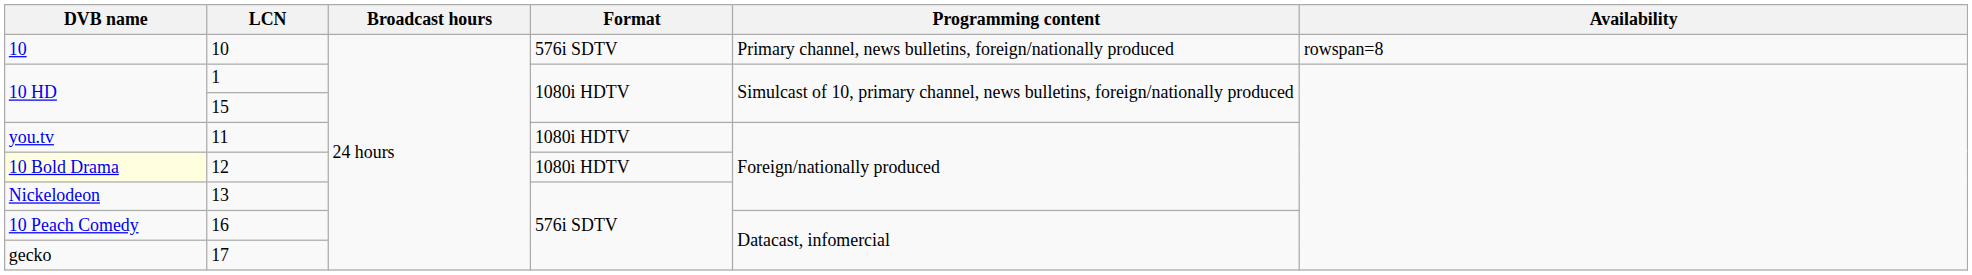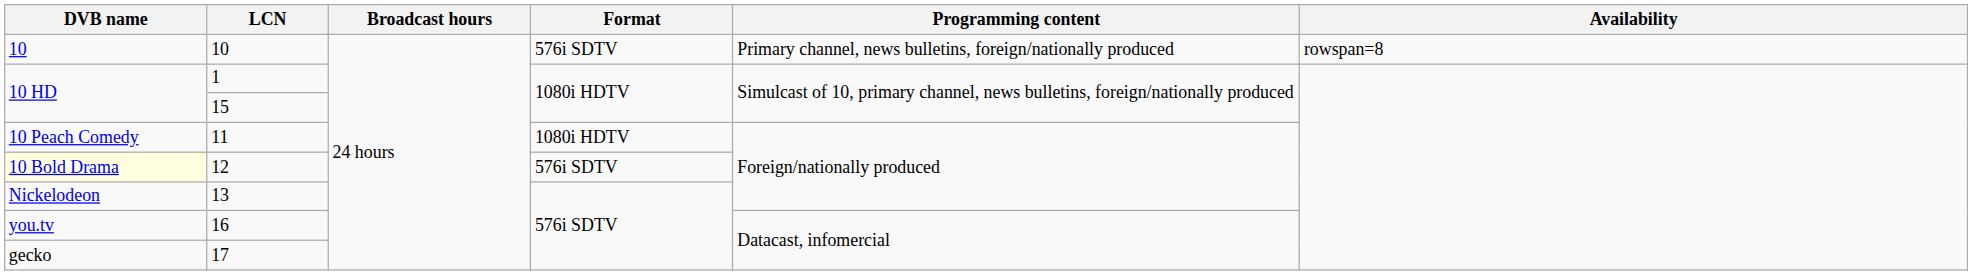 <table class="wikitable" style="font-size:90%; width:100%;">
 <tr>
 <th width="10%">DVB name</th>
 <th width="6%">LCN</th>
 <th width="10%">Broadcast hours</th>
 <th width="10%">Format</th>
 <th width="28%">Programming content</th>
 <th width="33%">Availability</th>
 </tr>
 <tr>
 <td><a href='#'>10</a></td>
 <td>10</td>
 <td rowspan=8>24 hours</td>
 <td>576i SDTV</td>
 <td>Primary channel, news bulletins, foreign/nationally produced </td>
 <td>rowspan=8 </td>
 </tr>
 <tr>
 <td rowspan=2><a href='#'>10 HD</a></td>
 <td>1</td>
 <td rowspan=2>1080i HDTV<br></td>
 <td rowspan=2>Simulcast of 10, primary channel, news bulletins, foreign/nationally produced </td>
 </tr>
 <tr>
 <td>15</td>
 </tr>
 <tr>
-<td><a href='#'>you.tv</a></td>
+<td><a href='#'>10 Peach Comedy</a></td>
 <td>11</td>
 <td>1080i HDTV<br></td>
 <td rowspan=3>Foreign/nationally produced </td>
 </tr>
 <tr>
 <td style="background: lightyellow;"><a href='#'>10 Bold Drama</a></td>
 <td>12</td>
-<td>1080i HDTV<br></td>
+<td>576i SDTV</td>
 </tr>
 <tr>
 <td><a href='#'>Nickelodeon</a></td>
 <td>13</td>
 <td rowspan=3>576i SDTV<br></td>
 </tr>
 <tr>
-<td><a href='#'>10 Peach Comedy</a></td>
+<td><a href='#'>you.tv</a></td>
 <td>16</td>
 <td rowspan=2>Datacast, infomercial </td>
 </tr>
 <tr>
 <td>gecko</td>
 <td>17</td>
 </tr>
 </table>
